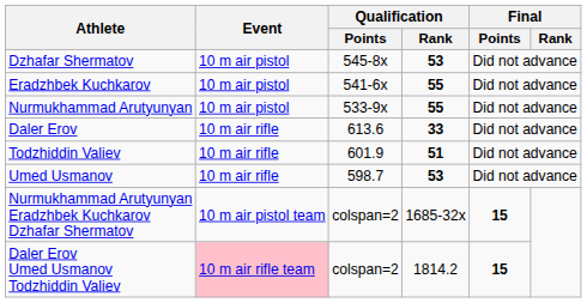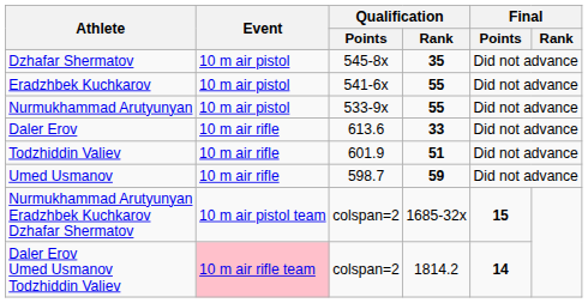 <table class=wikitable style="text-align:center; font-size:90%">
 <tr>
 <th rowspan=2>Athlete</th>
 <th rowspan=2>Event</th>
 <th colspan=2>Qualification</th>
 <th colspan=2>Final</th>
 </tr>
 <tr style="font-size:95%">
 <th>Points</th>
 <th>Rank</th>
 <th>Points</th>
 <th>Rank</th>
 </tr>
 <tr>
 <td align=left><a href='#'>Dzhafar Shermatov</a></td>
 <td align=left><a href='#'>10 m air pistol</a></td>
 <td>545-8x</td>
-<td><strong>53</strong></td>
+<td><strong>35</strong></td>
 <td colspan=2>Did not advance</td>
 </tr>
 <tr>
 <td align=left><a href='#'>Eradzhbek Kuchkarov</a></td>
 <td align=left><a href='#'>10 m air pistol</a></td>
 <td>541-6x</td>
 <td><strong>55</strong></td>
 <td colspan=2>Did not advance</td>
 </tr>
 <tr>
 <td align=left><a href='#'>Nurmukhammad Arutyunyan</a></td>
 <td align=left><a href='#'>10 m air pistol</a></td>
 <td>533-9x</td>
 <td><strong>55</strong></td>
 <td colspan=2>Did not advance</td>
 </tr>
 <tr>
 <td align=left><a href='#'>Daler Erov</a></td>
 <td align=left><a href='#'>10 m air rifle</a></td>
 <td>613.6</td>
 <td><strong>33</strong></td>
 <td colspan=2>Did not advance</td>
 </tr>
 <tr>
 <td align=left><a href='#'>Todzhiddin Valiev</a></td>
 <td align=left><a href='#'>10 m air rifle</a></td>
 <td>601.9</td>
 <td><strong>51</strong></td>
 <td colspan=2>Did not advance</td>
 </tr>
 <tr>
 <td align=left><a href='#'>Umed Usmanov</a></td>
 <td align=left><a href='#'>10 m air rifle</a></td>
 <td>598.7</td>
-<td><strong>53</strong></td>
+<td><strong>59</strong></td>
 <td colspan=2>Did not advance</td>
 </tr>
 <tr>
 <td align=left><a href='#'>Nurmukhammad Arutyunyan</a><br><a href='#'>Eradzhbek Kuchkarov</a><br><a href='#'>Dzhafar Shermatov</a></td>
 <td align=left><a href='#'>10 m air pistol team</a></td>
 <td>colspan=2 </td>
 <td>1685-32x</td>
 <td><strong>15</strong></td>
 </tr>
 <tr>
 <td align=left><a href='#'>Daler Erov</a><br><a href='#'>Umed Usmanov</a><br><a href='#'>Todzhiddin Valiev</a></td>
 <td align=left style="background: pink;"><a href='#'>10 m air rifle team</a></td>
 <td>colspan=2 </td>
 <td>1814.2</td>
-<td><strong>15</strong></td>
+<td><strong>14</strong></td>
 </tr>
 </table>
